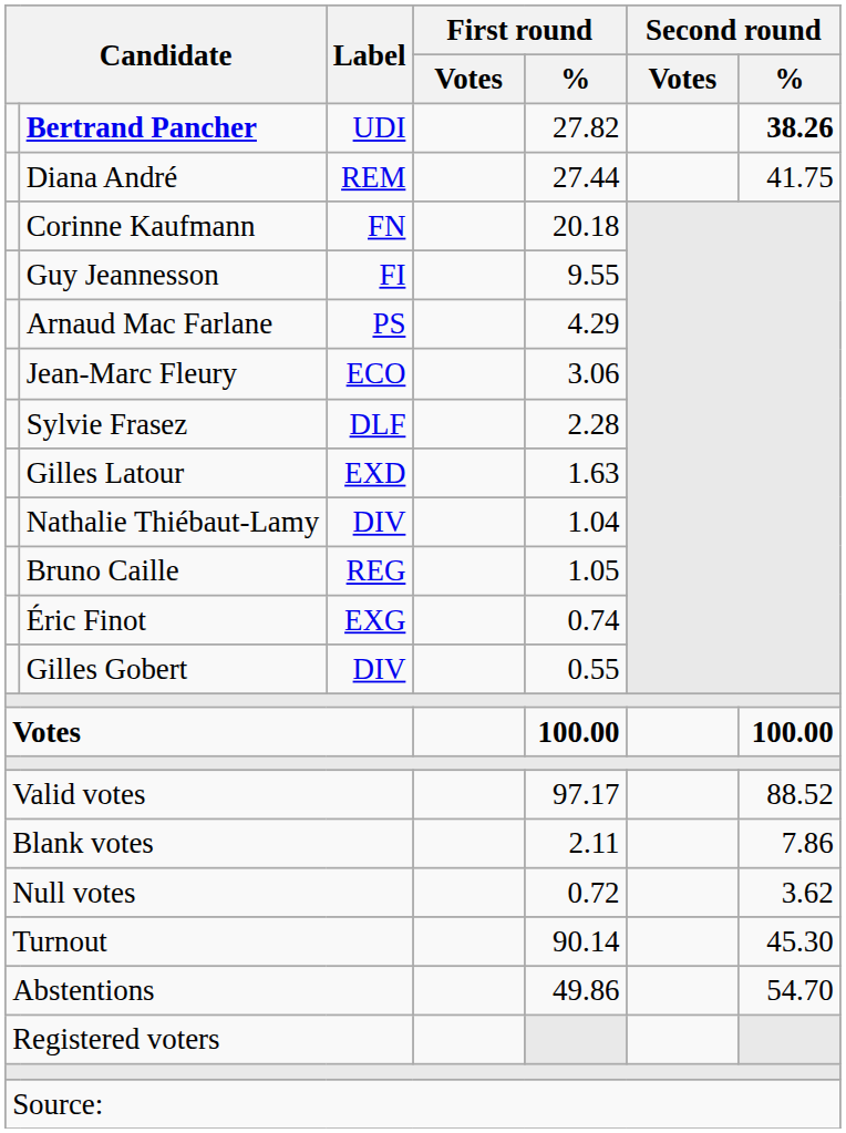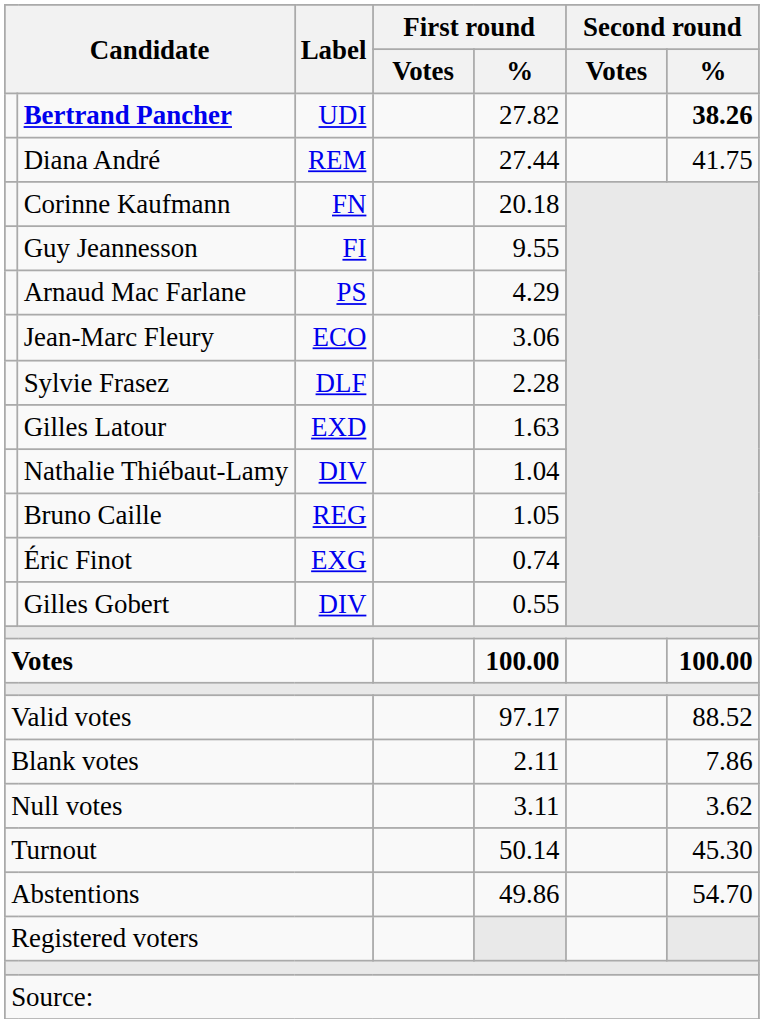 <table class="wikitable" style="text-align:right;font-size:95%;">
 <tr>
 <th rowspan="2" colspan="2">Candidate</th>
 <th rowspan="2">Label</th>
 <th colspan="2">First round</th>
 <th colspan="2">Second round</th>
 </tr>
 <tr>
 <th style="width:50px;">Votes</th>
 <th style="width:45px;">%</th>
 <th style="width:50px;">Votes</th>
 <th style="width:45px;">%</th>
 </tr>
 <tr>
 <td style="color:inherit;background:"></td>
 <td style="text-align:left;"><strong><a href='#'>Bertrand Pancher</a></strong></td>
 <td><a href='#'>UDI</a></td>
 <td></td>
 <td>27.82</td>
 <td><strong></strong></td>
 <td><strong>38.26</strong></td>
 </tr>
 <tr>
 <td style="color:inherit;background:"></td>
 <td style="text-align:left;">Diana André</td>
 <td><a href='#'>REM</a></td>
 <td></td>
 <td>27.44</td>
 <td></td>
 <td>41.75</td>
 </tr>
 <tr>
 <td style="color:inherit;background:"></td>
 <td style="text-align:left;">Corinne Kaufmann</td>
 <td><a href='#'>FN</a></td>
 <td></td>
 <td>20.18</td>
 <td colspan="2" rowspan="10" style="background:#E9E9E9;"></td>
 </tr>
 <tr>
 <td style="color:inherit;background:"></td>
 <td style="text-align:left;">Guy Jeannesson</td>
 <td><a href='#'>FI</a></td>
 <td></td>
 <td>9.55</td>
 </tr>
 <tr>
 <td style="color:inherit;background:"></td>
 <td style="text-align:left;">Arnaud Mac Farlane</td>
 <td><a href='#'>PS</a></td>
 <td></td>
 <td>4.29</td>
 </tr>
 <tr>
 <td style="color:inherit;background:"></td>
 <td style="text-align:left;">Jean-Marc Fleury</td>
 <td><a href='#'>ECO</a></td>
 <td></td>
 <td>3.06</td>
 </tr>
 <tr>
 <td style="color:inherit;background:"></td>
 <td style="text-align:left;">Sylvie Frasez</td>
 <td><a href='#'>DLF</a></td>
 <td></td>
 <td>2.28</td>
 </tr>
 <tr>
 <td style="color:inherit;background:"></td>
 <td style="text-align:left;">Gilles Latour</td>
 <td><a href='#'>EXD</a></td>
 <td></td>
 <td>1.63</td>
 </tr>
 <tr>
 <td style="color:inherit;background:"></td>
 <td style="text-align:left;">Nathalie Thiébaut-Lamy</td>
 <td><a href='#'>DIV</a></td>
 <td></td>
 <td>1.04</td>
 </tr>
 <tr>
 <td style="color:inherit;background:"></td>
 <td style="text-align:left;">Bruno Caille</td>
 <td><a href='#'>REG</a></td>
 <td></td>
 <td>1.05</td>
 </tr>
 <tr>
 <td style="color:inherit;background:"></td>
 <td style="text-align:left;">Éric Finot</td>
 <td><a href='#'>EXG</a></td>
 <td></td>
 <td>0.74</td>
 </tr>
 <tr>
 <td style="color:inherit;background:"></td>
 <td style="text-align:left;">Gilles Gobert</td>
 <td><a href='#'>DIV</a></td>
 <td></td>
 <td>0.55</td>
 </tr>
 <tr>
 <td colspan="7" style="background:#E9E9E9;"></td>
 </tr>
 <tr style="font-weight:bold;">
 <td colspan="3" style="text-align:left;">Votes</td>
 <td></td>
 <td>100.00</td>
 <td></td>
 <td>100.00</td>
 </tr>
 <tr>
 <td colspan="7" style="background:#E9E9E9;"></td>
 </tr>
 <tr>
 <td colspan="3" style="text-align:left;">Valid votes</td>
 <td></td>
 <td>97.17</td>
 <td></td>
 <td>88.52</td>
 </tr>
 <tr>
 <td colspan="3" style="text-align:left;">Blank votes</td>
 <td></td>
 <td>2.11</td>
 <td></td>
 <td>7.86</td>
 </tr>
 <tr>
 <td colspan="3" style="text-align:left;">Null votes</td>
 <td></td>
-<td>0.72</td>
+<td>3.11</td>
 <td></td>
 <td>3.62</td>
 </tr>
 <tr>
 <td colspan="3" style="text-align:left;">Turnout</td>
 <td></td>
-<td>90.14</td>
+<td>50.14</td>
 <td></td>
 <td>45.30</td>
 </tr>
 <tr>
 <td colspan="3" style="text-align:left;">Abstentions</td>
 <td></td>
 <td>49.86</td>
 <td></td>
 <td>54.70</td>
 </tr>
 <tr>
 <td colspan="3" style="text-align:left;">Registered voters</td>
 <td></td>
 <td style="background:#E9E9E9;"></td>
 <td></td>
 <td style="background:#E9E9E9;"></td>
 </tr>
 <tr>
 <td colspan="7" style="background:#E9E9E9;"></td>
 </tr>
 <tr>
 <td colspan="7" style="text-align:left;">Source: </td>
 </tr>
 </table>
